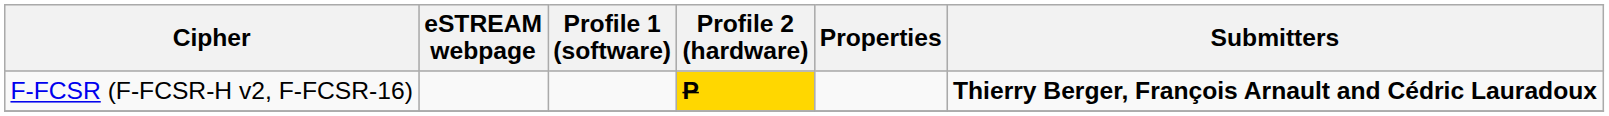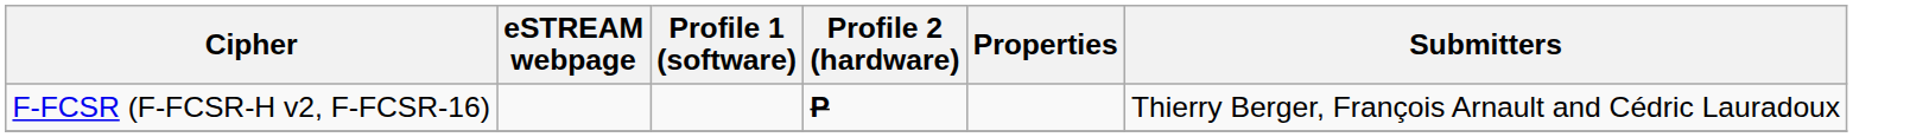 <table class="wikitable">
 <tr>
 <th>Cipher</th>
 <th>eSTREAM<br>webpage</th>
 <th>Profile 1<br>(software)</th>
 <th>Profile 2<br>(hardware)</th>
 <th>Properties</th>
 <th>Submitters</th>
 </tr>
 <tr>
 <td><a href='#'>F-FCSR</a> (F-FCSR-H v2, F-FCSR-16)</td>
 <td> </td>
 <td></td>
-<td style="background: gold;"><strong><s>P</s></strong></td>
+<td><strong><s>P</s></strong></td>
 <td></td>
-<td><strong>Thierry Berger, François Arnault and Cédric Lauradoux</strong></td>
+<td>Thierry Berger, François Arnault and Cédric Lauradoux</td>
 </tr>
 <tr>
 </tr>
 </table>
